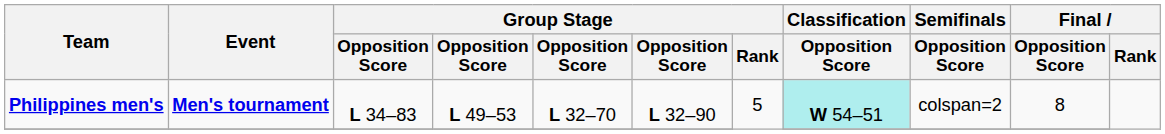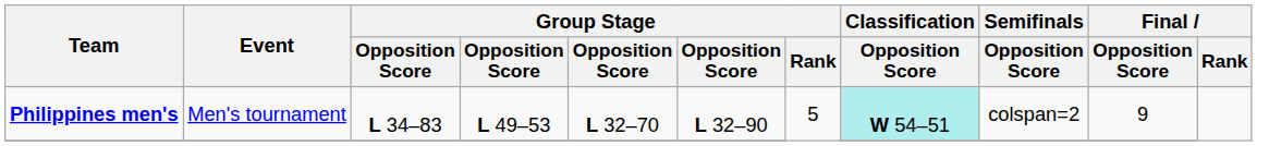 <table class=wikitable style="font-size:90%; text-align:center">
 <tr>
 <th rowspan=2>Team</th>
 <th rowspan=2>Event</th>
 <th colspan=5>Group Stage</th>
 <th>Classification</th>
 <th>Semifinals</th>
 <th colspan=2>Final / </th>
 </tr>
 <tr style="font-size:95%">
 <th>Opposition<br>Score</th>
 <th>Opposition<br>Score</th>
 <th>Opposition<br>Score</th>
 <th>Opposition<br>Score</th>
 <th>Rank</th>
 <th>Opposition<br>Score</th>
 <th>Opposition<br>Score</th>
 <th>Opposition<br>Score</th>
 <th>Rank</th>
 </tr>
 <tr align=center>
 <td align=left><strong><a href='#'>Philippines men's</a></strong></td>
-<td align=left><strong><a href='#'>Men's tournament</a></strong></td>
+<td align=left><a href='#'>Men's tournament</a></td>
 <td><br><strong>L</strong> 34–83</td>
 <td><br><strong>L</strong> 49–53</td>
 <td><br><strong>L</strong> 32–70</td>
 <td><br><strong>L</strong> 32–90</td>
 <td rowspan=2>5</td>
 <td style="background: paleturquoise;"><br><strong>W</strong>  54–51</td>
 <td>colspan=2 </td>
-<td>8</td>
+<td>9</td>
 </tr>
 <tr>
 </tr>
 </table>
